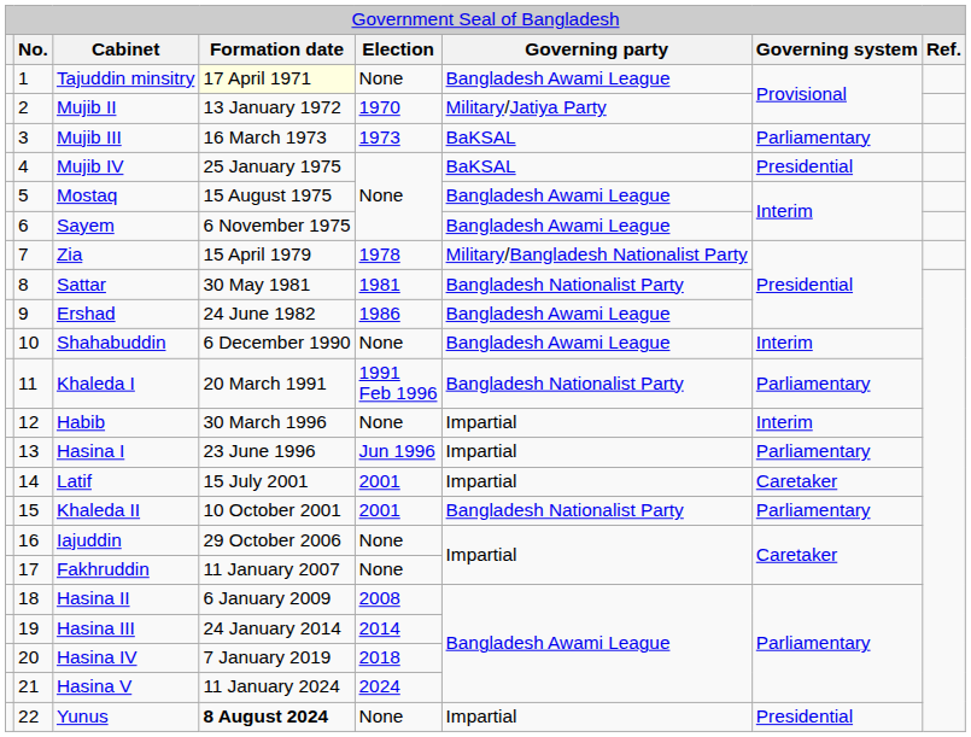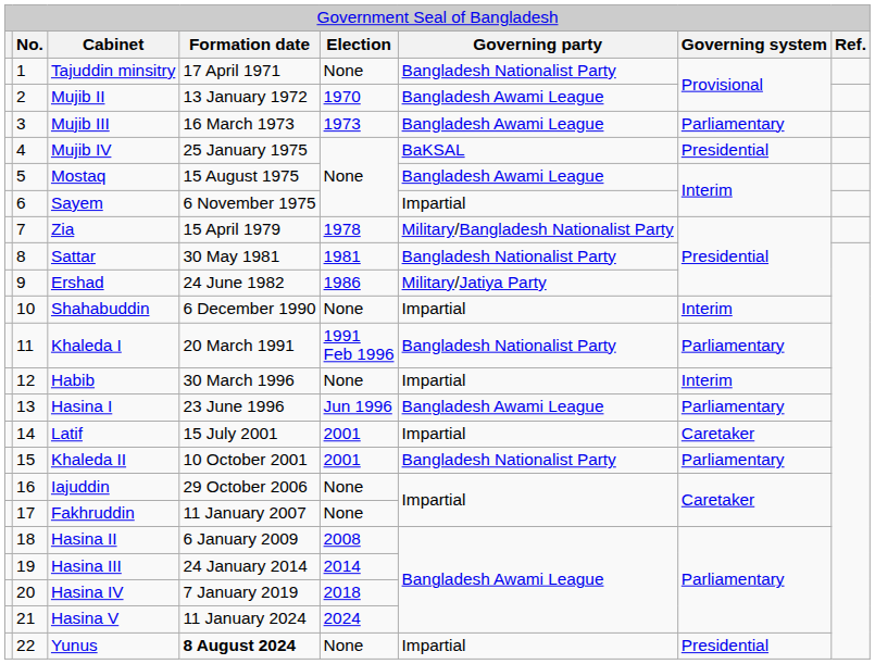 <table class="wikitable">
 <tr>
 <td colspan="8" style="text-align: center; background:#cccccc;"><a href='#'>Government Seal of Bangladesh</a></td>
 </tr>
 <tr>
 <th></th>
 <th>No.</th>
 <th>Cabinet</th>
 <th>Formation date</th>
 <th>Election</th>
 <th>Governing party</th>
 <th>Governing system</th>
 <th>Ref.</th>
 </tr>
 <tr>
 <td align=center style="background-color:"></td>
 <td>1</td>
 <td><a href='#'>Tajuddin minsitry</a></td>
-<td style="background: lightyellow;">17 April 1971</td>
+<td>17 April 1971</td>
 <td>None</td>
-<td><a href='#'>Bangladesh Awami League</a></td>
+<td><a href='#'>Bangladesh Nationalist Party</a></td>
 <td rowspan="2"><a href='#'>Provisional</a></td>
 <td></td>
 </tr>
 <tr>
 <td align=center style="background-color:"></td>
 <td>2</td>
 <td><a href='#'>Mujib II</a></td>
 <td>13 January 1972</td>
 <td><a href='#'>1970</a></td>
-<td><a href='#'>Military</a>/<a href='#'>Jatiya Party</a></td>
+<td><a href='#'>Bangladesh Awami League</a></td>
 <td></td>
 </tr>
 <tr>
 <td align=center style="background-color:"></td>
 <td>3</td>
 <td><a href='#'>Mujib III</a></td>
 <td>16 March 1973</td>
 <td><a href='#'>1973</a></td>
-<td><a href='#'>BaKSAL</a></td>
+<td><a href='#'>Bangladesh Awami League</a></td>
 <td><a href='#'>Parliamentary</a></td>
 <td></td>
 </tr>
 <tr>
 <td align=center style="background-color:"></td>
 <td>4</td>
 <td><a href='#'>Mujib IV</a></td>
 <td>25 January 1975</td>
 <td rowspan="3">None</td>
 <td><a href='#'>BaKSAL</a></td>
 <td><a href='#'>Presidential</a></td>
 <td></td>
 </tr>
 <tr>
 <td align=center style="background-color:"></td>
 <td>5</td>
 <td><a href='#'>Mostaq</a></td>
 <td>15 August 1975</td>
 <td><a href='#'>Bangladesh Awami League</a></td>
 <td rowspan="2"><a href='#'>Interim</a></td>
 </tr>
 <tr>
 <td align=center style="background-color:"></td>
 <td>6</td>
 <td><a href='#'>Sayem</a></td>
 <td>6 November 1975</td>
-<td><a href='#'>Bangladesh Awami League</a></td>
+<td>Impartial</td>
 <td></td>
 </tr>
 <tr>
 <td align=center style="background-color:"></td>
 <td>7</td>
 <td><a href='#'>Zia</a></td>
 <td>15 April 1979</td>
 <td><a href='#'>1978</a></td>
 <td><a href='#'>Military</a>/<a href='#'>Bangladesh Nationalist Party</a></td>
 <td rowspan="3"><a href='#'>Presidential</a></td>
 <td></td>
 </tr>
 <tr>
 <td align=center style="background-color:"></td>
 <td>8</td>
 <td><a href='#'>Sattar</a></td>
 <td>30 May 1981</td>
 <td><a href='#'>1981</a></td>
 <td><a href='#'>Bangladesh Nationalist Party</a></td>
 </tr>
 <tr>
 <td align=center style="background-color:"></td>
 <td>9</td>
 <td><a href='#'>Ershad</a></td>
 <td>24 June 1982</td>
 <td><a href='#'>1986</a></td>
-<td><a href='#'>Bangladesh Awami League</a></td>
+<td><a href='#'>Military</a>/<a href='#'>Jatiya Party</a></td>
 </tr>
 <tr>
 <td align=center style="background-color:"></td>
 <td>10</td>
 <td><a href='#'>Shahabuddin</a></td>
 <td>6 December 1990</td>
 <td>None</td>
-<td><a href='#'>Bangladesh Awami League</a></td>
+<td>Impartial</td>
 <td><a href='#'>Interim</a></td>
 </tr>
 <tr>
 <td align=center style="background-color:"></td>
 <td>11</td>
 <td><a href='#'>Khaleda I</a></td>
 <td>20 March 1991</td>
 <td><a href='#'>1991</a><br><a href='#'>Feb 1996</a></td>
 <td><a href='#'>Bangladesh Nationalist Party</a></td>
 <td><a href='#'>Parliamentary</a></td>
 </tr>
 <tr>
 <td align=center style="background-color:"></td>
 <td>12</td>
 <td><a href='#'>Habib</a></td>
 <td>30 March 1996</td>
 <td>None</td>
 <td>Impartial</td>
 <td><a href='#'>Interim</a></td>
 </tr>
 <tr>
 <td align=center style="background-color:"></td>
 <td>13</td>
 <td><a href='#'>Hasina I</a></td>
 <td>23 June 1996</td>
 <td><a href='#'>Jun 1996</a></td>
-<td>Impartial</td>
+<td><a href='#'>Bangladesh Awami League</a></td>
 <td><a href='#'>Parliamentary</a></td>
 </tr>
 <tr>
 <td align=center style="background-color:"></td>
 <td>14</td>
 <td><a href='#'>Latif</a></td>
 <td>15 July 2001</td>
 <td><a href='#'>2001</a></td>
 <td>Impartial</td>
 <td><a href='#'>Caretaker</a></td>
 </tr>
 <tr>
 <td align=center style="background-color:"></td>
 <td>15</td>
 <td><a href='#'>Khaleda II</a></td>
 <td>10 October 2001</td>
 <td><a href='#'>2001</a></td>
 <td><a href='#'>Bangladesh Nationalist Party</a></td>
 <td><a href='#'>Parliamentary</a></td>
 </tr>
 <tr>
 <td align=center style="background-color:"></td>
 <td>16</td>
 <td><a href='#'>Iajuddin</a></td>
 <td>29 October 2006</td>
 <td>None</td>
 <td rowspan="2">Impartial</td>
 <td rowspan="2"><a href='#'>Caretaker</a></td>
 </tr>
 <tr>
 <td align=center style="background-color:"></td>
 <td>17</td>
 <td><a href='#'>Fakhruddin</a></td>
 <td>11 January 2007</td>
 <td>None</td>
 </tr>
 <tr>
 <td align=center style="background-color:"></td>
 <td>18</td>
 <td><a href='#'>Hasina II</a></td>
 <td>6 January 2009</td>
 <td><a href='#'>2008</a></td>
 <td rowspan="4"><a href='#'>Bangladesh Awami League</a></td>
 <td rowspan="4"><a href='#'>Parliamentary</a></td>
 </tr>
 <tr>
 <td align=center style="background-color:"></td>
 <td>19</td>
 <td><a href='#'>Hasina III</a></td>
 <td>24 January 2014</td>
 <td><a href='#'>2014</a></td>
 </tr>
 <tr>
 <td align=center style="background-color:"></td>
 <td>20</td>
 <td><a href='#'>Hasina IV</a></td>
 <td>7 January 2019</td>
 <td><a href='#'>2018</a></td>
 </tr>
 <tr>
 <td align=center style="background-color:"></td>
 <td>21</td>
 <td><a href='#'>Hasina V</a></td>
 <td>11 January 2024</td>
 <td><a href='#'>2024</a></td>
 </tr>
 <tr>
 <td align=center style="background-color:"></td>
 <td>22</td>
 <td><a href='#'>Yunus</a></td>
 <td><strong>8 August 2024</strong></td>
 <td>None</td>
 <td>Impartial</td>
 <td><a href='#'>Presidential</a></td>
 </tr>
 </table>
